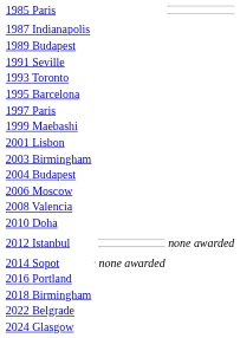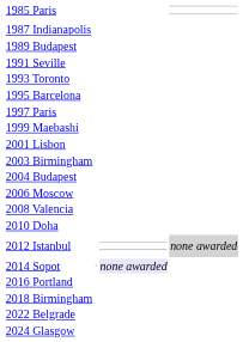 <table>
 <tr>
 <td><a href='#'>1985 Paris</a><br></td>
 <td></td>
 <td></td>
 <td><hr><hr></td>
 </tr>
 <tr>
 <td><a href='#'>1987 Indianapolis</a><br></td>
 <td></td>
 <td></td>
 <td></td>
 </tr>
 <tr>
 <td><a href='#'>1989 Budapest</a><br></td>
 <td></td>
 <td></td>
 <td></td>
 </tr>
 <tr>
 <td><a href='#'>1991 Seville</a><br></td>
 <td></td>
 <td></td>
 <td></td>
 </tr>
 <tr>
 <td><a href='#'>1993 Toronto</a><br></td>
 <td></td>
 <td></td>
 <td></td>
 </tr>
 <tr>
 <td><a href='#'>1995 Barcelona</a><br></td>
 <td></td>
 <td></td>
 <td></td>
 </tr>
 <tr>
 <td><a href='#'>1997 Paris</a><br></td>
 <td></td>
 <td></td>
 <td></td>
 </tr>
 <tr>
 <td><a href='#'>1999 Maebashi</a><br></td>
 <td></td>
 <td></td>
 <td></td>
 </tr>
 <tr>
 <td><a href='#'>2001 Lisbon</a><br></td>
 <td></td>
 <td></td>
 <td></td>
 </tr>
 <tr>
 <td><a href='#'>2003 Birmingham</a><br></td>
 <td></td>
 <td></td>
 <td></td>
 </tr>
 <tr>
 <td><a href='#'>2004 Budapest</a><br></td>
 <td></td>
 <td></td>
 <td></td>
 </tr>
 <tr>
 <td><a href='#'>2006 Moscow</a><br></td>
 <td></td>
 <td></td>
 <td></td>
 </tr>
 <tr>
 <td><a href='#'>2008 Valencia</a><br></td>
 <td></td>
 <td></td>
 <td></td>
 </tr>
 <tr>
 <td><a href='#'>2010 Doha</a><br></td>
 <td></td>
 <td></td>
 <td></td>
 </tr>
 <tr>
 <td><a href='#'>2012 Istanbul</a><br></td>
 <td></td>
 <td><hr><hr></td>
-<td><em>none awarded</em></td>
+<td style="background: lightgrey;"><em>none awarded</em></td>
 </tr>
 <tr>
 <td><a href='#'>2014 Sopot</a><br></td>
 <td><hr></td>
-<td><em>none awarded</em></td>
+<td style="background: lavender;"><em>none awarded</em></td>
 <td></td>
 </tr>
 <tr>
 <td><a href='#'>2016 Portland</a><br></td>
 <td></td>
 <td></td>
 <td></td>
 </tr>
 <tr>
 <td><a href='#'>2018 Birmingham</a><br></td>
 <td></td>
 <td></td>
 <td></td>
 </tr>
 <tr>
 <td><a href='#'>2022 Belgrade</a><br></td>
 <td></td>
 <td></td>
 <td></td>
 </tr>
 <tr>
 <td><a href='#'>2024 Glasgow</a><br></td>
 <td></td>
 <td></td>
 <td></td>
 </tr>
 </table>
